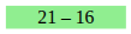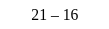 <table style="text-align:center">
 <tr>
 <th width=200></th>
 <th width=100></th>
 <th width=200></th>
 </tr>
 <tr>
 <td align=right><strong></strong></td>
-<td style="background: lightgreen;">21 – 16</td>
+<td>21 – 16</td>
 <td align=left></td>
 </tr>
 </table>
